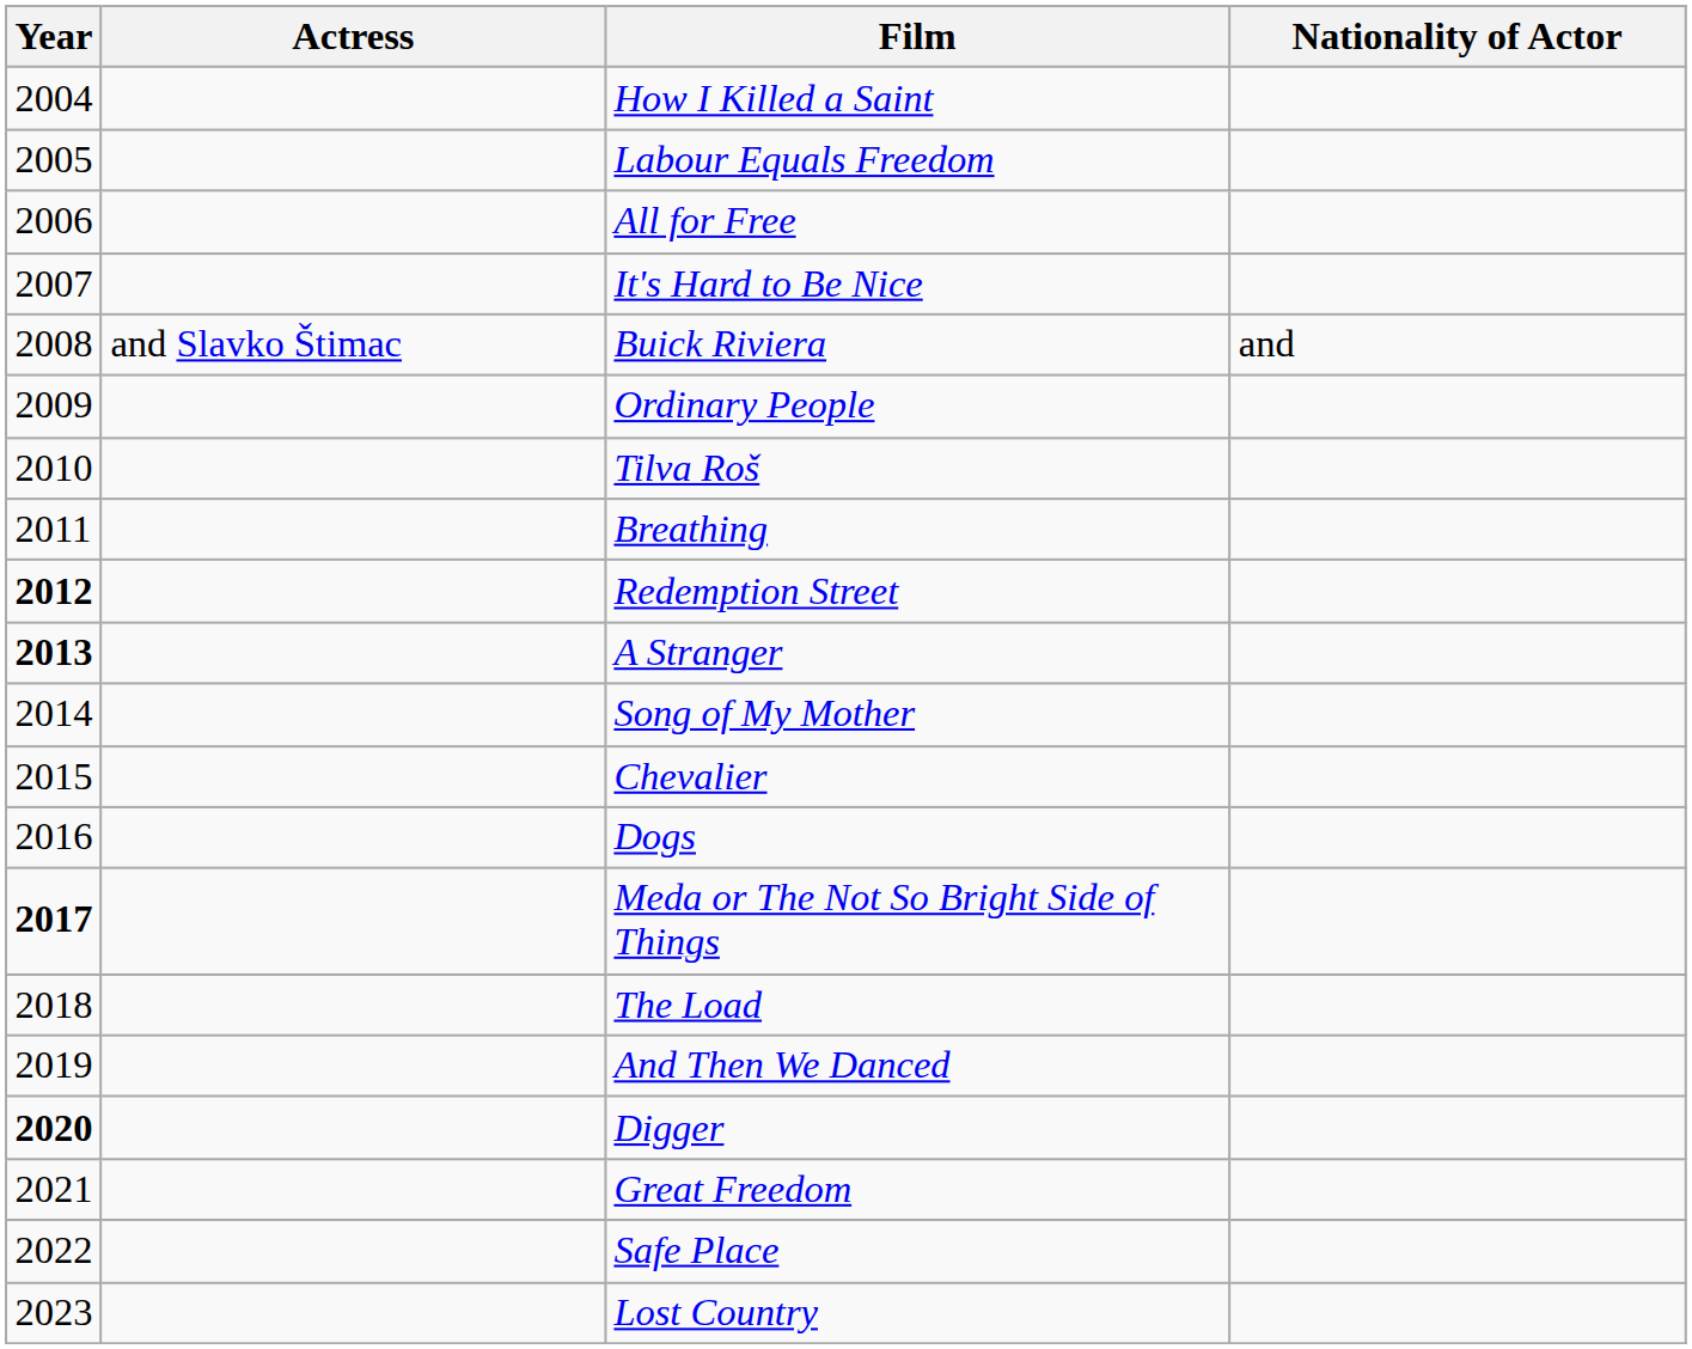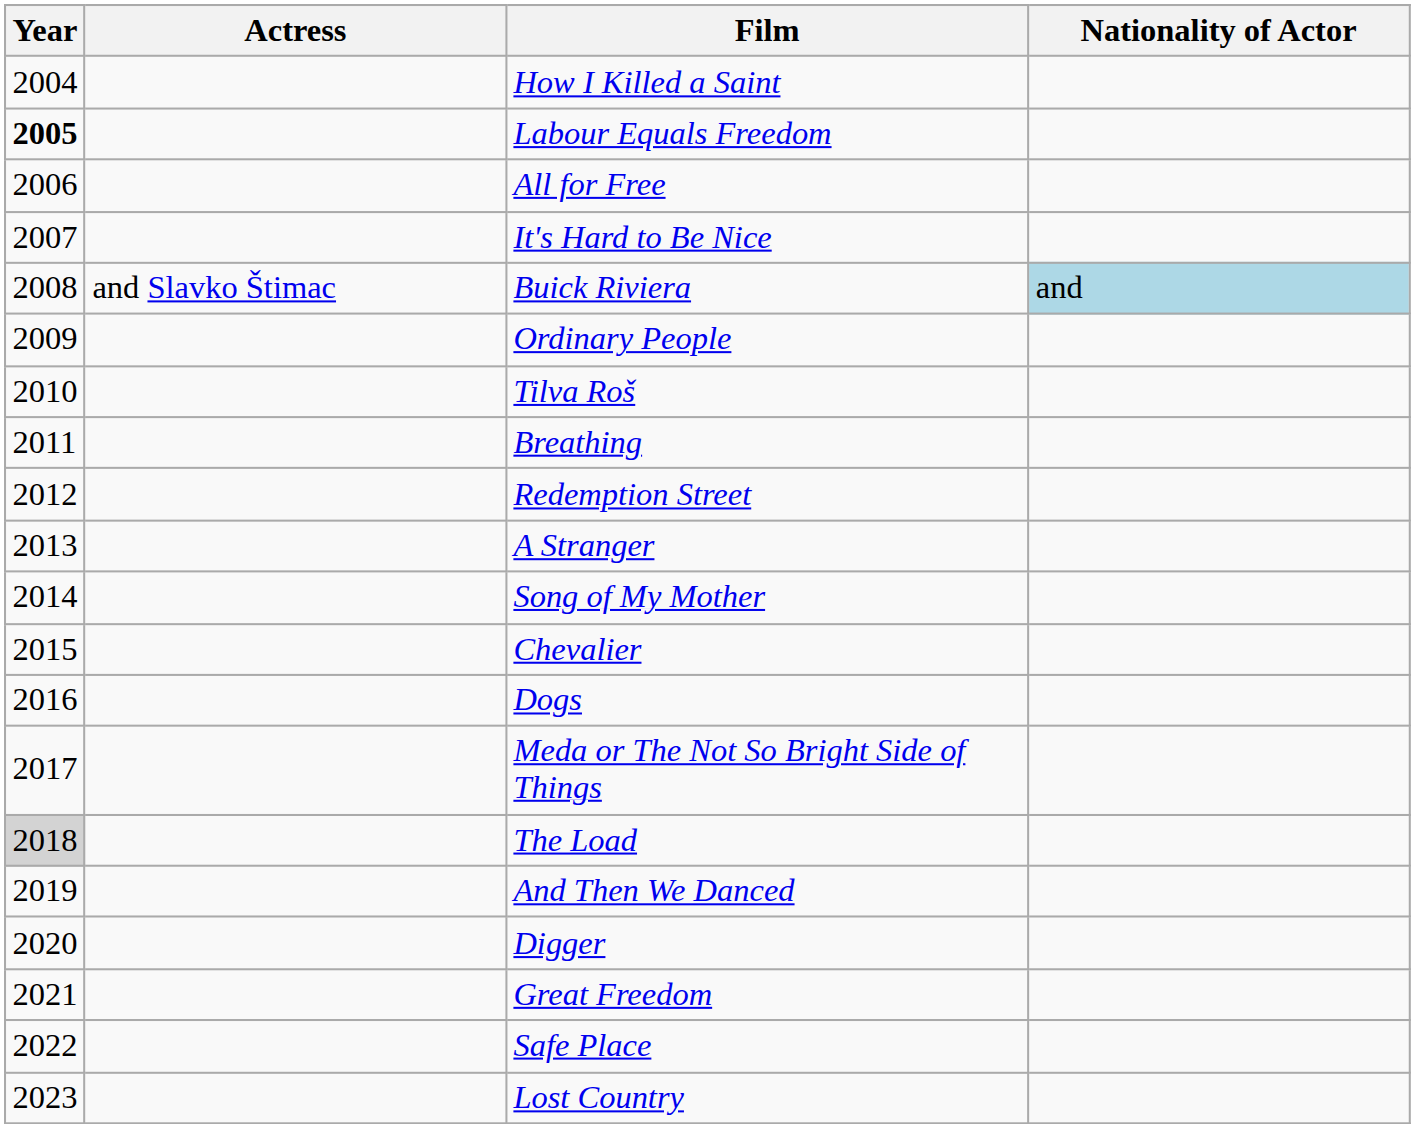 <table class="wikitable sortable">
 <tr>
 <th style="width:30px;">Year</th>
 <th style="width:200px;">Actress</th>
 <th style="width:250px;">Film</th>
 <th style="width:180px;">Nationality of Actor</th>
 </tr>
 <tr>
 <td>2004</td>
 <td></td>
 <td><em><a href='#'>How I Killed a Saint</a></em></td>
 <td></td>
 </tr>
 <tr>
-<td>2005</td>
+<td><strong>2005</strong></td>
 <td></td>
 <td><em><a href='#'>Labour Equals Freedom</a></em></td>
 <td></td>
 </tr>
 <tr>
 <td>2006</td>
 <td></td>
 <td><em><a href='#'>All for Free</a></em></td>
 <td></td>
 </tr>
 <tr>
 <td>2007</td>
 <td></td>
 <td><em><a href='#'>It's Hard to Be Nice</a></em></td>
 <td></td>
 </tr>
 <tr>
 <td>2008</td>
 <td> and <a href='#'>Slavko Štimac</a></td>
 <td><em><a href='#'>Buick Riviera</a></em></td>
-<td> and </td>
+<td style="background: lightblue;"> and </td>
 </tr>
 <tr>
 <td>2009</td>
 <td></td>
 <td><em><a href='#'>Ordinary People</a></em></td>
 <td></td>
 </tr>
 <tr>
 <td>2010</td>
 <td></td>
 <td><em><a href='#'>Tilva Roš</a></em></td>
 <td></td>
 </tr>
 <tr>
 <td>2011</td>
 <td></td>
 <td><em><a href='#'>Breathing</a></em></td>
 <td></td>
 </tr>
 <tr>
-<td><strong>2012</strong></td>
+<td>2012</td>
 <td></td>
 <td><em><a href='#'>Redemption Street</a></em></td>
 <td></td>
 </tr>
 <tr>
-<td><strong>2013</strong></td>
+<td>2013</td>
 <td></td>
 <td><em><a href='#'>A Stranger</a></em></td>
 <td></td>
 </tr>
 <tr>
 <td>2014</td>
 <td></td>
 <td><em><a href='#'>Song of My Mother</a></em></td>
 <td></td>
 </tr>
 <tr>
 <td>2015</td>
 <td><br></td>
 <td><em><a href='#'>Chevalier</a></em></td>
 <td></td>
 </tr>
 <tr>
 <td>2016</td>
 <td></td>
 <td><em><a href='#'>Dogs</a></em></td>
 <td></td>
 </tr>
 <tr>
-<td><strong>2017</strong></td>
+<td>2017</td>
 <td></td>
 <td><em><a href='#'>Meda or The Not So Bright Side of Things</a></em></td>
 <td></td>
 </tr>
 <tr>
-<td>2018</td>
+<td style="background: lightgrey;">2018</td>
 <td></td>
 <td><em><a href='#'>The Load</a></em></td>
 <td></td>
 </tr>
 <tr>
 <td>2019</td>
 <td></td>
 <td><em><a href='#'>And Then We Danced</a></em></td>
 <td></td>
 </tr>
 <tr>
-<td><strong>2020</strong></td>
+<td>2020</td>
 <td></td>
 <td><em><a href='#'>Digger</a></em></td>
 <td></td>
 </tr>
 <tr>
 <td>2021</td>
 <td></td>
 <td><em><a href='#'>Great Freedom</a></em></td>
 <td></td>
 </tr>
 <tr>
 <td>2022</td>
 <td></td>
 <td><em><a href='#'>Safe Place</a></em></td>
 <td></td>
 </tr>
 <tr>
 <td>2023</td>
 <td></td>
 <td><em><a href='#'>Lost Country</a></em></td>
 <td></td>
 </tr>
 <tr>
 </tr>
 </table>
